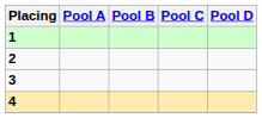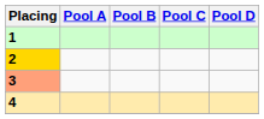 <table class=wikitable style="border:1px solid #AAAAAA;">
 <tr>
 <th>Placing</th>
 <th><a href='#'>Pool A</a></th>
 <th><a href='#'>Pool B</a></th>
 <th><a href='#'>Pool C</a></th>
 <th><a href='#'>Pool D</a></th>
 </tr>
 <tr style="background: #ccffcc;">
 <td><strong>1</strong></td>
 <td></td>
 <td></td>
 <td></td>
 <td></td>
 </tr>
 <tr>
-<td><strong>2</strong></td>
+<td style="background: gold;"><strong>2</strong></td>
 <td></td>
 <td></td>
 <td></td>
 <td></td>
 </tr>
 <tr>
-<td><strong>3</strong></td>
+<td style="background: lightsalmon;"><strong>3</strong></td>
 <td></td>
 <td></td>
 <td></td>
 <td></td>
 </tr>
 <tr style="background: #ffebad;">
 <td><strong>4</strong></td>
 <td></td>
 <td></td>
 <td></td>
 <td></td>
 </tr>
 <tr>
 </tr>
 </table>
